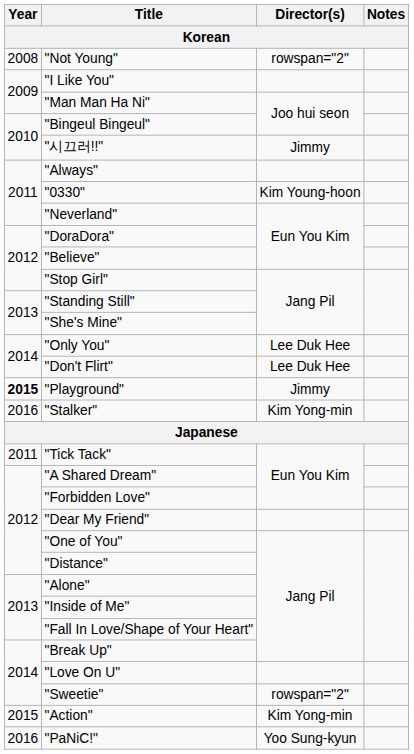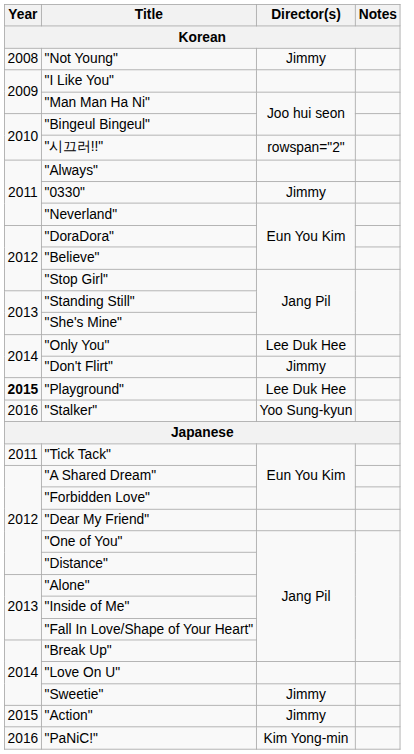 <table class="wikitable" style="text-align:center;">
 <tr>
 <th scope="col">Year</th>
 <th scope="col">Title</th>
 <th scope="col">Director(s)</th>
 <th scope="col">Notes</th>
 </tr>
 <tr>
 <th colspan="4">Korean</th>
 </tr>
 <tr>
 <td>2008</td>
 <td align="left">"Not Young"</td>
-<td>rowspan="2" </td>
+<td>Jimmy</td>
 <td></td>
 </tr>
 <tr>
 <td rowspan=2>2009</td>
 <td align="left">"I Like You"</td>
 <td></td>
 </tr>
 <tr>
 <td align="left">"Man Man Ha Ni"</td>
 <td rowspan="2">Joo hui seon</td>
 <td></td>
 </tr>
 <tr>
 <td rowspan=2>2010</td>
 <td align="left">"Bingeul Bingeul"</td>
 <td></td>
 </tr>
 <tr>
 <td align="left">"시끄러!!"</td>
-<td>Jimmy</td>
+<td>rowspan="2" </td>
 <td></td>
 </tr>
 <tr>
 <td rowspan="3">2011</td>
 <td align="left">"Always"</td>
 <td></td>
 <td></td>
 </tr>
 <tr>
 <td align="left">"0330"</td>
-<td>Kim Young-hoon</td>
+<td>Jimmy</td>
 <td></td>
 </tr>
 <tr>
 <td align="left">"Neverland"</td>
 <td rowspan="3">Eun You Kim</td>
 <td></td>
 </tr>
 <tr>
 <td rowspan="3">2012</td>
 <td align="left">"DoraDora"</td>
 <td></td>
 </tr>
 <tr>
 <td align="left">"Believe"</td>
 <td></td>
 </tr>
 <tr>
 <td align="left">"Stop Girl"</td>
 <td rowspan="3">Jang Pil</td>
 <td rowspan="3"></td>
 </tr>
 <tr>
 <td rowspan="2">2013</td>
 <td align="left">"Standing Still"</td>
 </tr>
 <tr>
 <td align="left">"She's Mine"</td>
 </tr>
 <tr>
 <td rowspan="2">2014</td>
 <td align="left">"Only You"</td>
 <td>Lee Duk Hee</td>
 <td></td>
 </tr>
 <tr>
 <td align="left">"Don't Flirt"</td>
-<td>Lee Duk Hee</td>
+<td>Jimmy</td>
 <td></td>
 </tr>
 <tr>
 <td><strong>2015</strong></td>
 <td align="left">"Playground"</td>
-<td>Jimmy</td>
+<td>Lee Duk Hee</td>
 <td></td>
 </tr>
 <tr>
 <td>2016</td>
 <td align="left">"Stalker"</td>
-<td>Kim Yong-min</td>
+<td>Yoo Sung-kyun</td>
 <td></td>
 </tr>
 <tr>
 <th colspan="4">Japanese</th>
 </tr>
 <tr>
 <td>2011</td>
 <td align="left">"Tick Tack"</td>
 <td rowspan="3">Eun You Kim</td>
 <td></td>
 </tr>
 <tr>
 <td rowspan="5">2012</td>
 <td align="left">"A Shared Dream"</td>
 <td></td>
 </tr>
 <tr>
 <td align="left">"Forbidden Love"</td>
 <td></td>
 </tr>
 <tr>
 <td align="left">"Dear My Friend"</td>
 <td></td>
 <td></td>
 </tr>
 <tr>
 <td align="left">"One of You"</td>
 <td rowspan="6">Jang Pil</td>
 <td rowspan="6"></td>
 </tr>
 <tr>
 <td align="left">"Distance"</td>
 </tr>
 <tr>
 <td rowspan="3">2013</td>
 <td align="left">"Alone"</td>
 </tr>
 <tr>
 <td align="left">"Inside of Me"</td>
 </tr>
 <tr>
 <td align="left">"Fall In Love/Shape of Your Heart"</td>
 </tr>
 <tr>
 <td rowspan="3">2014</td>
 <td align="left">"Break Up"</td>
 </tr>
 <tr>
 <td align="left">"Love On U"</td>
 <td></td>
 <td></td>
 </tr>
 <tr>
 <td align="left">"Sweetie"</td>
-<td>rowspan="2" </td>
+<td>Jimmy</td>
 <td></td>
 </tr>
 <tr>
 <td>2015</td>
 <td align="left">"Action"</td>
-<td>Kim Yong-min</td>
+<td>Jimmy</td>
 <td></td>
 </tr>
 <tr>
 <td>2016</td>
 <td align="left">"PaNiC!"</td>
-<td>Yoo Sung-kyun</td>
+<td>Kim Yong-min</td>
 <td></td>
 </tr>
 </table>
